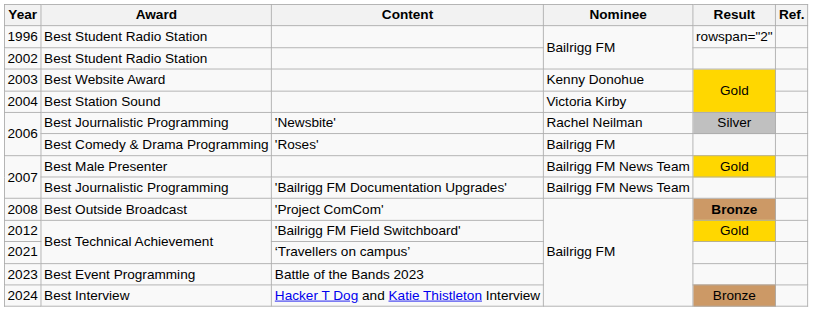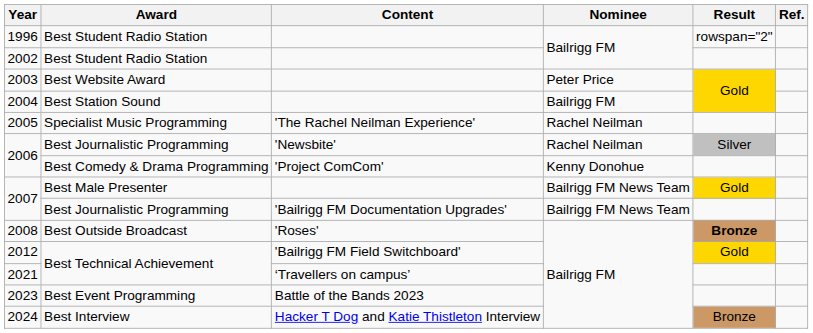 <table class="wikitable">
 <tr>
 <th>Year</th>
 <th>Award</th>
 <th>Content</th>
 <th>Nominee</th>
 <th>Result</th>
 <th>Ref.</th>
 </tr>
 <tr>
 <td>1996</td>
 <td>Best Student Radio Station</td>
 <td></td>
 <td rowspan="2">Bailrigg FM</td>
 <td>rowspan="2" </td>
 <td></td>
 </tr>
 <tr>
 <td>2002</td>
 <td>Best Student Radio Station</td>
 <td></td>
 <td></td>
 </tr>
 <tr>
 <td>2003</td>
 <td>Best Website Award</td>
 <td></td>
-<td>Kenny Donohue</td>
+<td>Peter Price</td>
 <td rowspan="2" style="background:gold; vertical-align:middle; text-align:center;">Gold</td>
 <td></td>
 </tr>
 <tr>
 <td>2004</td>
 <td>Best Station Sound</td>
 <td></td>
-<td>Victoria Kirby</td>
+<td>Bailrigg FM</td>
+<td></td>
+</tr>
+<tr>
+<td>2005</td>
+<td>Specialist Music Programming</td>
+<td>'The Rachel Neilman Experience'</td>
+<td>Rachel Neilman</td>
+<td></td>
 <td></td>
 </tr>
 <tr>
 <td rowspan="2">2006</td>
 <td>Best Journalistic Programming</td>
 <td>'Newsbite'</td>
 <td>Rachel Neilman</td>
 <td style="background:silver; vertical-align:middle; text-align:center;">Silver</td>
 <td></td>
 </tr>
 <tr>
 <td>Best Comedy & Drama Programming</td>
-<td>'Roses'</td>
-<td>Bailrigg FM</td>
+<td>'Project ComCom'</td>
+<td>Kenny Donohue</td>
 <td></td>
 <td></td>
 </tr>
 <tr>
 <td rowspan="2">2007</td>
 <td>Best Male Presenter</td>
 <td></td>
 <td>Bailrigg FM News Team</td>
 <td style="background:gold; vertical-align:middle; text-align:center;">Gold</td>
 <td></td>
 </tr>
 <tr>
 <td>Best Journalistic Programming</td>
 <td>'Bailrigg FM Documentation Upgrades'</td>
 <td>Bailrigg FM News Team</td>
 <td></td>
 <td></td>
 </tr>
 <tr>
 <td>2008</td>
 <td>Best Outside Broadcast</td>
-<td>'Project ComCom'</td>
+<td>'Roses'</td>
 <td rowspan="5">Bailrigg FM</td>
 <td style="background:#c96;vertical-align:middle; text-align:center;"><strong>Bronze</strong></td>
 <td></td>
 </tr>
 <tr>
 <td>2012</td>
 <td rowspan="2">Best Technical Achievement</td>
 <td>'Bailrigg FM Field Switchboard'</td>
 <td style="background:gold; vertical-align:middle; text-align:center;">Gold</td>
 <td></td>
 </tr>
 <tr>
 <td>2021</td>
 <td>‘Travellers on campus’</td>
 <td></td>
 <td></td>
 </tr>
 <tr>
 <td>2023</td>
 <td>Best Event Programming</td>
 <td>Battle of the Bands 2023</td>
 <td></td>
 <td></td>
 </tr>
 <tr>
 <td>2024</td>
 <td>Best Interview</td>
 <td><a href='#'>Hacker T Dog</a> and <a href='#'>Katie Thistleton</a> Interview</td>
 <td style="background:#c96;vertical-align:middle; text-align:center;">Bronze</td>
 <td></td>
 </tr>
 </table>
